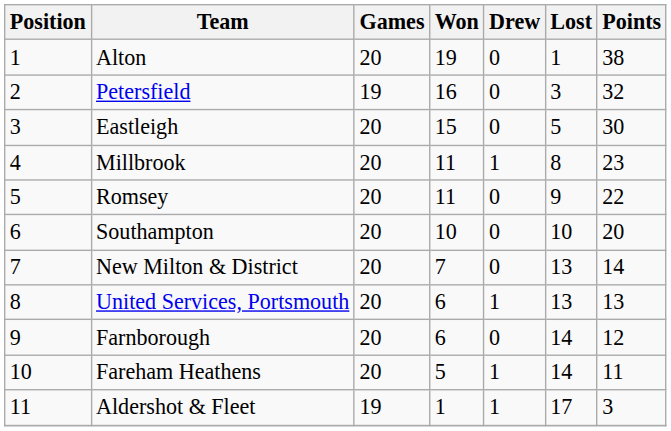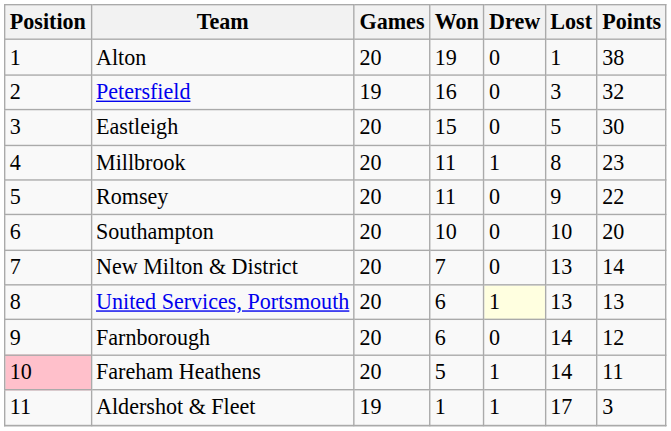 <table class="wikitable">
 <tr>
 <th>Position</th>
 <th>Team</th>
 <th>Games</th>
 <th>Won</th>
 <th>Drew</th>
 <th>Lost</th>
 <th>Points</th>
 </tr>
 <tr>
 <td>1</td>
 <td>Alton</td>
 <td>20</td>
 <td>19</td>
 <td>0</td>
 <td>1</td>
 <td>38</td>
 </tr>
 <tr>
 <td>2</td>
 <td><a href='#'>Petersfield</a></td>
 <td>19</td>
 <td>16</td>
 <td>0</td>
 <td>3</td>
 <td>32</td>
 </tr>
 <tr>
 <td>3</td>
 <td>Eastleigh</td>
 <td>20</td>
 <td>15</td>
 <td>0</td>
 <td>5</td>
 <td>30</td>
 </tr>
 <tr>
 <td>4</td>
 <td>Millbrook</td>
 <td>20</td>
 <td>11</td>
 <td>1</td>
 <td>8</td>
 <td>23</td>
 </tr>
 <tr>
 <td>5</td>
 <td>Romsey</td>
 <td>20</td>
 <td>11</td>
 <td>0</td>
 <td>9</td>
 <td>22</td>
 </tr>
 <tr>
 <td>6</td>
 <td>Southampton</td>
 <td>20</td>
 <td>10</td>
 <td>0</td>
 <td>10</td>
 <td>20</td>
 </tr>
 <tr>
 <td>7</td>
 <td>New Milton & District</td>
 <td>20</td>
 <td>7</td>
 <td>0</td>
 <td>13</td>
 <td>14</td>
 </tr>
 <tr>
 <td>8</td>
 <td><a href='#'>United Services, Portsmouth</a></td>
 <td>20</td>
 <td>6</td>
-<td>1</td>
+<td style="background: lightyellow;">1</td>
 <td>13</td>
 <td>13</td>
 </tr>
 <tr>
 <td>9</td>
 <td>Farnborough</td>
 <td>20</td>
 <td>6</td>
 <td>0</td>
 <td>14</td>
 <td>12</td>
 </tr>
 <tr>
-<td>10</td>
+<td style="background: pink;">10</td>
 <td>Fareham Heathens</td>
 <td>20</td>
 <td>5</td>
 <td>1</td>
 <td>14</td>
 <td>11</td>
 </tr>
 <tr>
 <td>11</td>
 <td>Aldershot & Fleet</td>
 <td>19</td>
 <td>1</td>
 <td>1</td>
 <td>17</td>
 <td>3</td>
 </tr>
 <tr>
 </tr>
 </table>
